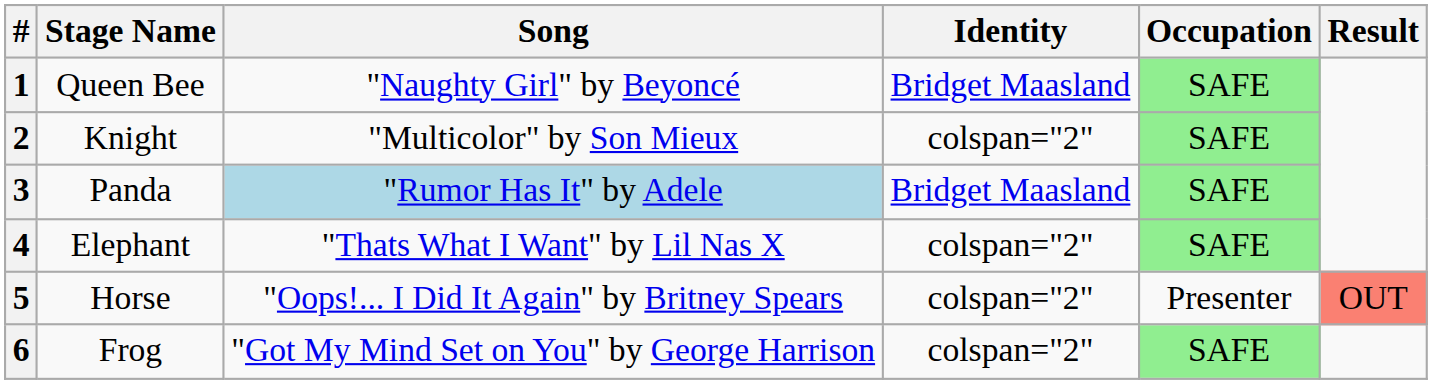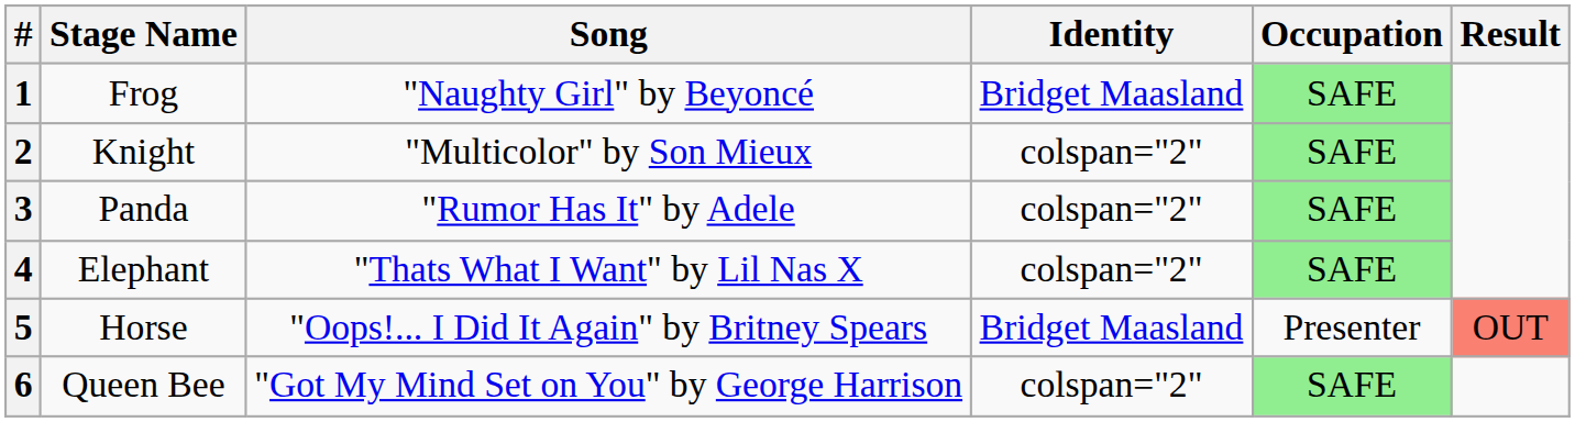 <table class="wikitable plainrowheaders" style="text-align: center;">
 <tr>
 <th><strong>#</strong></th>
 <th><strong>Stage Name</strong></th>
 <th><strong>Song</strong></th>
 <th>Identity</th>
 <th><strong>Occupation</strong></th>
 <th>Result</th>
 </tr>
 <tr>
 <th>1</th>
-<td>Queen Bee</td>
+<td>Frog</td>
 <td>"<a href='#'>Naughty Girl</a>" by <a href='#'>Beyoncé</a></td>
 <td><a href='#'>Bridget Maasland</a></td>
 <td bgcolor="lightgreen">SAFE</td>
 </tr>
 <tr>
 <th>2</th>
 <td>Knight</td>
 <td>"Multicolor" by <a href='#'>Son Mieux</a></td>
 <td>colspan="2" </td>
 <td bgcolor="lightgreen">SAFE</td>
 </tr>
 <tr>
 <th>3</th>
 <td>Panda</td>
-<td style="background: lightblue;">"<a href='#'>Rumor Has It</a>" by <a href='#'>Adele</a></td>
-<td><a href='#'>Bridget Maasland</a></td>
+<td>"<a href='#'>Rumor Has It</a>" by <a href='#'>Adele</a></td>
+<td>colspan="2" </td>
 <td bgcolor="lightgreen">SAFE</td>
 </tr>
 <tr>
 <th>4</th>
 <td>Elephant</td>
 <td>"<a href='#'>Thats What I Want</a>" by <a href='#'>Lil Nas X</a></td>
 <td>colspan="2" </td>
 <td bgcolor="lightgreen">SAFE</td>
 </tr>
 <tr>
 <th>5</th>
 <td>Horse</td>
 <td>"<a href='#'>Oops!... I Did It Again</a>" by <a href='#'>Britney Spears</a></td>
-<td>colspan="2" </td>
+<td><a href='#'>Bridget Maasland</a></td>
 <td>Presenter</td>
 <td bgcolor="salmon">OUT</td>
 </tr>
 <tr>
 <th>6</th>
-<td>Frog</td>
+<td>Queen Bee</td>
 <td>"<a href='#'>Got My Mind Set on You</a>" by <a href='#'>George Harrison</a></td>
 <td>colspan="2" </td>
 <td bgcolor="lightgreen">SAFE</td>
 </tr>
 </table>
